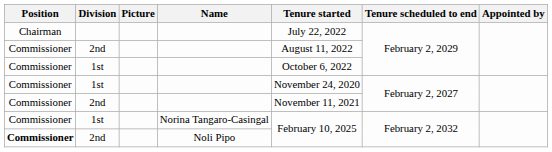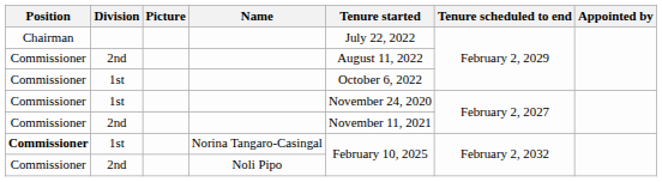 <table class="wikitable sortable" style="background-color:#FDFDFD;text-align:center;font-size:90%;border:1pt solid grey;">
 <tr>
 <th colspan="1">Position</th>
 <th>Division</th>
 <th>Picture</th>
 <th>Name</th>
 <th colspan="1">Tenure started</th>
 <th>Tenure scheduled to end</th>
 <th>Appointed by</th>
 </tr>
 <tr>
 <td>Chairman</td>
 <td></td>
 <td></td>
 <td></td>
 <td>July 22, 2022</td>
 <td rowspan="3">February 2, 2029</td>
 <td rowspan="3"></td>
 </tr>
 <tr>
 <td>Commissioner</td>
 <td>2nd</td>
 <td></td>
 <td></td>
 <td>August 11, 2022</td>
 </tr>
 <tr>
 <td>Commissioner</td>
 <td>1st</td>
 <td></td>
 <td></td>
 <td>October 6, 2022</td>
 </tr>
 <tr>
 <td>Commissioner</td>
 <td>1st</td>
 <td></td>
 <td></td>
 <td>November 24, 2020</td>
 <td rowspan="2">February 2, 2027</td>
 <td rowspan="2"></td>
 </tr>
 <tr>
 <td>Commissioner</td>
 <td>2nd</td>
 <td></td>
 <td></td>
 <td>November 11, 2021</td>
 </tr>
 <tr>
-<td>Commissioner</td>
+<td><strong>Commissioner</strong></td>
 <td>1st</td>
 <td></td>
 <td>Norina Tangaro-Casingal</td>
 <td rowspan="2">February 10, 2025</td>
 <td rowspan="2">February 2, 2032</td>
 <td rowspan="2"></td>
 </tr>
 <tr>
-<td><strong>Commissioner</strong></td>
+<td>Commissioner</td>
 <td>2nd</td>
 <td></td>
 <td>Noli Pipo</td>
 </tr>
 </table>
